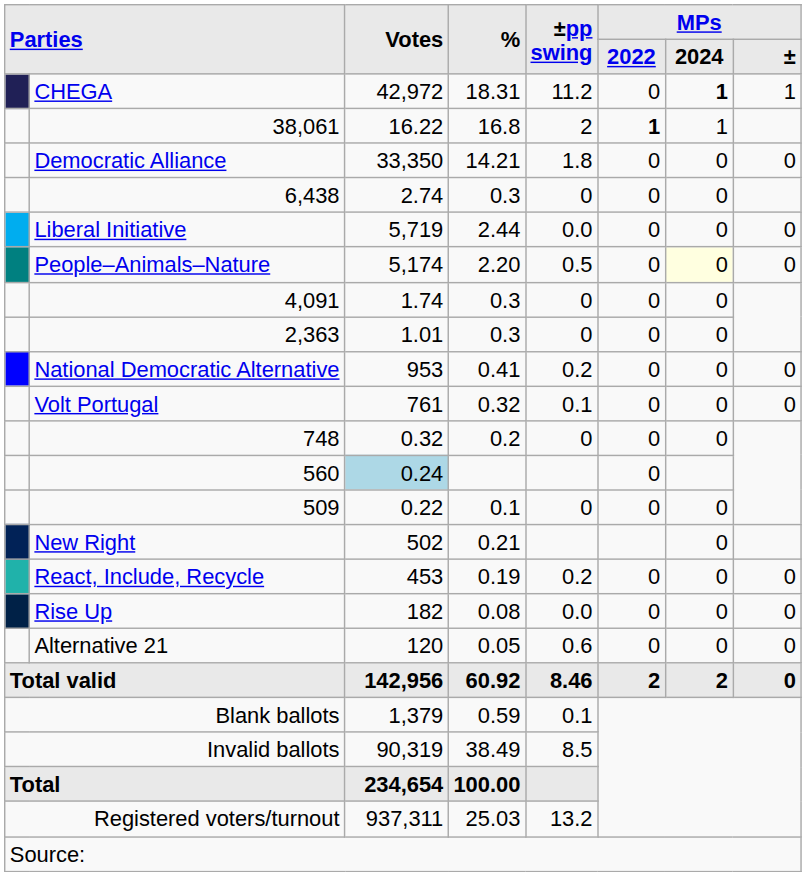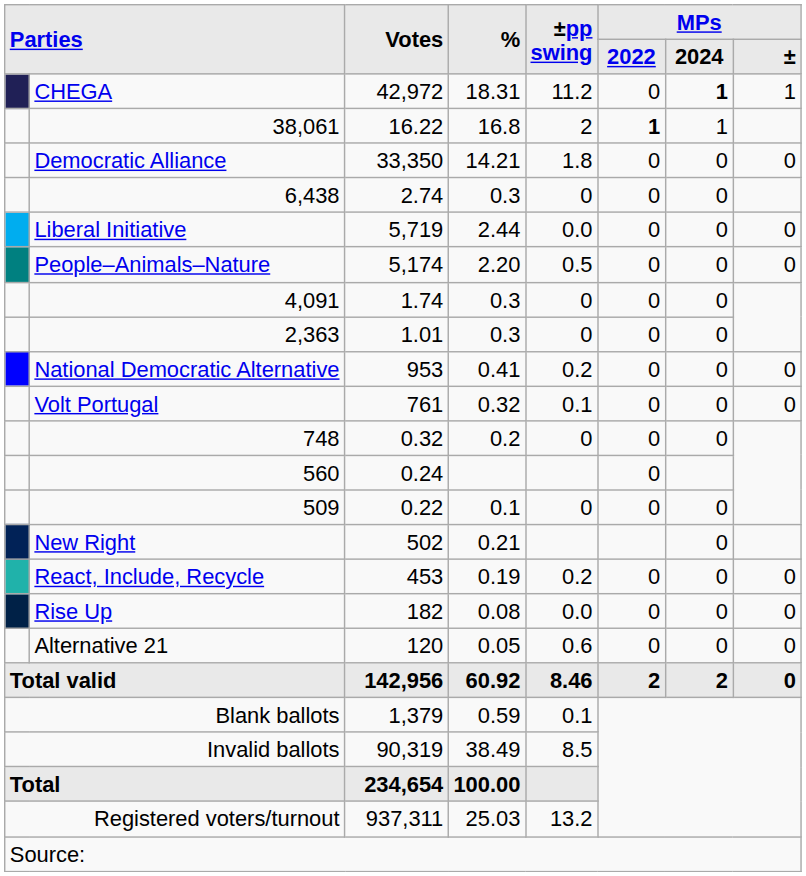 <table class="wikitable" style="text-align:right; font-size:95%;">
 <tr>
 <th rowspan="2" colspan="2" style="background:#e9e9e9; text-align:left;" alignleft><a href='#'>Parties</a></th>
 <th rowspan="2" style="background:#e9e9e9; text-align:right;">Votes</th>
 <th rowspan="2" style="background:#e9e9e9; text-align:right;">%</th>
 <th rowspan="2" style="background:#e9e9e9; text-align:right;">±<a href='#'>pp</a> <a href='#'>swing</a></th>
 <th colspan="3" style="background:#e9e9e9; text-align:center;"><a href='#'>MPs</a></th>
 </tr>
 <tr style="background-color:#E9E9E9">
 <th style="background-color:#E9E9E9;text-align:center;"><a href='#'>2022</a></th>
 <th style="background-color:#E9E9E9;text-align:center;">2024</th>
 <th style="background:#e9e9e9; text-align:right;">±</th>
 </tr>
 <tr>
 <td style="width: 10px" bgcolor="#202056" align="center"></td>
 <td align="left"><a href='#'>CHEGA</a></td>
 <td>42,972</td>
 <td>18.31</td>
 <td>11.2</td>
 <td>0</td>
 <td><strong>1</strong></td>
 <td>1</td>
 </tr>
 <tr>
 <td></td>
 <td>38,061</td>
 <td>16.22</td>
 <td>16.8</td>
 <td>2</td>
 <td><strong>1</strong></td>
 <td>1</td>
 </tr>
 <tr>
 <td style="width: 10px"></td>
 <td align="left"><a href='#'>Democratic Alliance</a> </td>
 <td>33,350</td>
 <td>14.21</td>
 <td>1.8</td>
 <td>0</td>
 <td>0</td>
 <td>0</td>
 </tr>
 <tr>
 <td></td>
 <td>6,438</td>
 <td>2.74</td>
 <td>0.3</td>
 <td>0</td>
 <td>0</td>
 <td>0</td>
 </tr>
 <tr>
 <td style="width: 10px" bgcolor="#00ADEF" align="center"></td>
 <td align="left"><a href='#'>Liberal Initiative</a></td>
 <td>5,719</td>
 <td>2.44</td>
 <td>0.0</td>
 <td>0</td>
 <td>0</td>
 <td>0</td>
 </tr>
 <tr>
 <td style="width: 10px" bgcolor="teal" align="center"></td>
 <td align="left"><a href='#'>People–Animals–Nature</a></td>
 <td>5,174</td>
 <td>2.20</td>
 <td>0.5</td>
 <td>0</td>
-<td style="background: lightyellow;">0</td>
+<td>0</td>
 <td>0</td>
 </tr>
 <tr>
 <td></td>
 <td>4,091</td>
 <td>1.74</td>
 <td>0.3</td>
 <td>0</td>
 <td>0</td>
 <td>0</td>
 </tr>
 <tr>
 <td></td>
 <td>2,363</td>
 <td>1.01</td>
 <td>0.3</td>
 <td>0</td>
 <td>0</td>
 <td>0</td>
 </tr>
 <tr>
 <td style="width: 10px" bgcolor="blue" align="center"></td>
 <td align="left"><a href='#'>National Democratic Alternative</a></td>
 <td>953</td>
 <td>0.41</td>
 <td>0.2</td>
 <td>0</td>
 <td>0</td>
 <td>0</td>
 </tr>
 <tr>
 <td style="width: 10px"></td>
 <td align="left"><a href='#'>Volt Portugal</a></td>
 <td>761</td>
 <td>0.32</td>
 <td>0.1</td>
 <td>0</td>
 <td>0</td>
 <td>0</td>
 </tr>
 <tr>
 <td></td>
 <td>748</td>
 <td>0.32</td>
 <td>0.2</td>
 <td>0</td>
 <td>0</td>
 <td>0</td>
 </tr>
 <tr>
 <td></td>
 <td>560</td>
-<td style="background: lightblue;">0.24</td>
+<td>0.24</td>
 <td></td>
 <td></td>
 <td>0</td>
 <td></td>
 </tr>
 <tr>
 <td></td>
 <td>509</td>
 <td>0.22</td>
 <td>0.1</td>
 <td>0</td>
 <td>0</td>
 <td>0</td>
 </tr>
 <tr>
 <td style="width: 10px" bgcolor="#012257" align="center"></td>
 <td align="left"><a href='#'>New Right</a></td>
 <td>502</td>
 <td>0.21</td>
 <td></td>
 <td></td>
 <td>0</td>
 <td></td>
 </tr>
 <tr>
 <td style="width: 10px" bgcolor="LightSeaGreen" align="center"></td>
 <td align="left"><a href='#'>React, Include, Recycle</a></td>
 <td>453</td>
 <td>0.19</td>
 <td>0.2</td>
 <td>0</td>
 <td>0</td>
 <td>0</td>
 </tr>
 <tr>
 <td style="width: 10px" bgcolor="#002147" align="center"></td>
 <td align="left"><a href='#'>Rise Up</a></td>
 <td>182</td>
 <td>0.08</td>
 <td>0.0</td>
 <td>0</td>
 <td>0</td>
 <td>0</td>
 </tr>
 <tr>
 <td style="width: 10px"></td>
 <td align="left">Alternative 21 </td>
 <td>120</td>
 <td>0.05</td>
 <td>0.6</td>
 <td>0</td>
 <td>0</td>
 <td>0</td>
 </tr>
 <tr>
 <td colspan=2 align=left style="background-color:#E9E9E9"><strong>Total valid</strong></td>
 <td width="65" align="right" style="background-color:#E9E9E9"><strong>142,956</strong></td>
 <td width="40" align="right" style="background-color:#E9E9E9"><strong>60.92</strong></td>
 <td width="40" align="right" style="background-color:#E9E9E9"><strong>8.46</strong></td>
 <td width="40" align="right" style="background-color:#E9E9E9"><strong>2</strong></td>
 <td width="40" align="right" style="background-color:#E9E9E9"><strong>2</strong></td>
 <td width="40" align="right" style="background-color:#E9E9E9"><strong>0</strong></td>
 </tr>
 <tr>
 <td colspan=2>Blank ballots</td>
 <td>1,379</td>
 <td>0.59</td>
 <td>0.1</td>
 <td colspan="3" rowspan="4"></td>
 </tr>
 <tr>
 <td colspan=2>Invalid ballots</td>
 <td>90,319</td>
 <td>38.49</td>
 <td>8.5</td>
 </tr>
 <tr>
 <td colspan=2 align=left style="background-color:#E9E9E9"><strong>Total</strong></td>
 <td width="50" align="right" style="background-color:#E9E9E9"><strong>234,654</strong></td>
 <td width="40" align="right" style="background-color:#E9E9E9"><strong>100.00</strong></td>
 <td width="40" align="right" style="background-color:#E9E9E9"></td>
 </tr>
 <tr>
 <td colspan=2>Registered voters/turnout</td>
 <td>937,311</td>
 <td>25.03</td>
 <td>13.2</td>
 </tr>
 <tr>
 <td colspan=8 align=left>Source: </td>
 </tr>
 </table>
